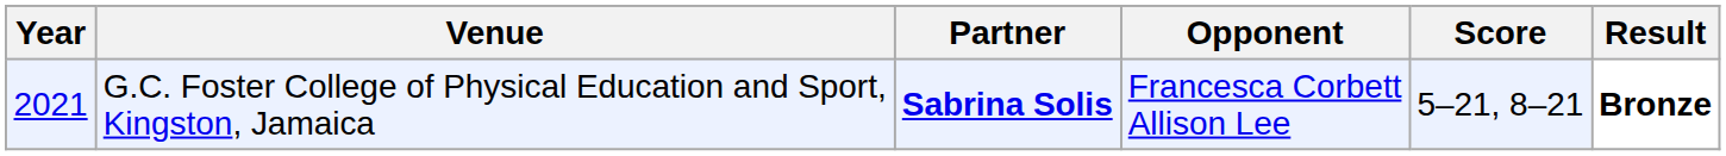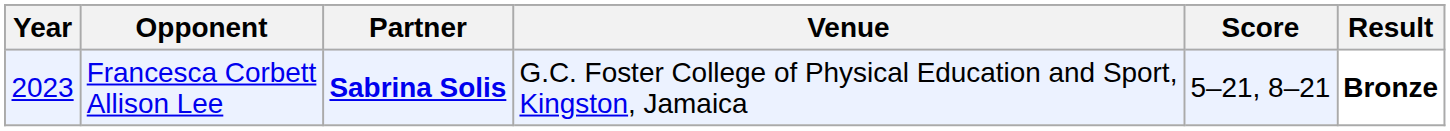 <table class="sortable wikitable" style="font-size: 90%;">
 <tr>
 <th>Year</th>
+<th>Opponent</th>
+<th>Partner</th>
 <th>Venue</th>
-<th>Partner</th>
-<th>Opponent</th>
 <th>Score</th>
 <th>Result</th>
 </tr>
 <tr style="background:#ECF2FF">
-<td align="center"><a href='#'>2021</a></td>
+<td align="center"><a href='#'>2023</a></td>
+<td align="left"> <a href='#'>Francesca Corbett</a><br> <a href='#'>Allison Lee</a></td>
+<td align="left"><strong> <a href='#'>Sabrina Solis</a></strong></td>
 <td align="left">G.C. Foster College of Physical Education and Sport,<br><a href='#'>Kingston</a>, Jamaica</td>
-<td align="left"><strong> <a href='#'>Sabrina Solis</a></strong></td>
-<td align="left"> <a href='#'>Francesca Corbett</a><br> <a href='#'>Allison Lee</a></td>
 <td align="left">5–21, 8–21</td>
 <td style="text-align:left; background:white"> <strong>Bronze</strong></td>
 </tr>
 </table>
